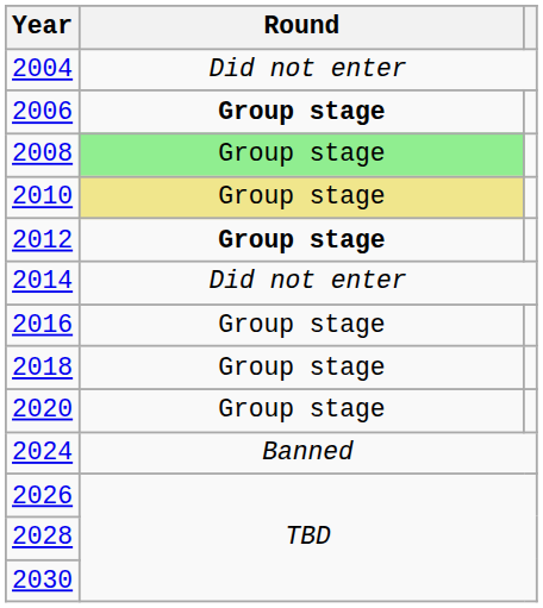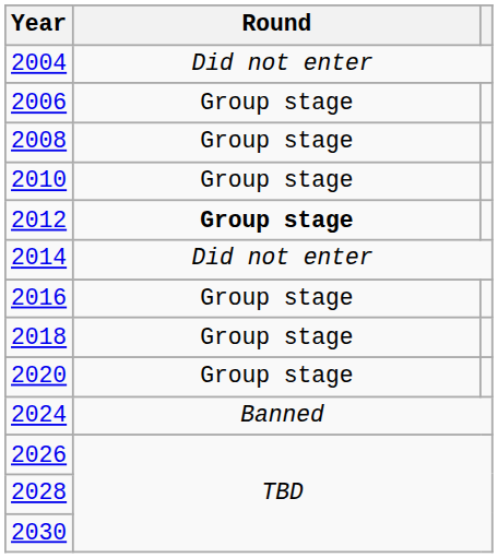 <table class="wikitable" style="text-align: center; font-size:90%">
 <tr>
 <th>Year</th>
 <th style="width:200px">Round</th>
 <th></th>
 </tr>
 <tr>
 <td><a href='#'>2004</a></td>
 <td colspan="2"><em>Did not enter</em></td>
 </tr>
 <tr>
 <td><a href='#'>2006</a></td>
-<td><strong>Group stage</strong></td>
+<td>Group stage</td>
 <td></td>
 </tr>
 <tr>
 <td><a href='#'>2008</a></td>
-<td style="background: lightgreen;">Group stage</td>
+<td>Group stage</td>
 <td></td>
 </tr>
 <tr>
 <td><a href='#'>2010</a></td>
-<td style="background: khaki;">Group stage</td>
+<td>Group stage</td>
 <td></td>
 </tr>
 <tr>
 <td><a href='#'>2012</a></td>
 <td><strong>Group stage</strong></td>
 <td></td>
 </tr>
 <tr>
 <td><a href='#'>2014</a></td>
 <td colspan="2"><em>Did not enter</em></td>
 </tr>
 <tr>
 <td><a href='#'>2016</a></td>
 <td>Group stage</td>
 <td></td>
 </tr>
 <tr>
 <td><a href='#'>2018</a></td>
 <td>Group stage</td>
 <td></td>
 </tr>
 <tr>
 <td><a href='#'>2020</a></td>
 <td>Group stage</td>
 <td></td>
 </tr>
 <tr>
 <td><a href='#'>2024</a></td>
 <td colspan="2"><em>Banned</em></td>
 </tr>
 <tr>
 <td><a href='#'>2026</a></td>
 <td colspan="2" rowspan="3"><em>TBD</em></td>
 </tr>
 <tr>
 <td><a href='#'>2028</a></td>
 </tr>
 <tr>
 <td><a href='#'>2030</a></td>
 </tr>
 </table>
